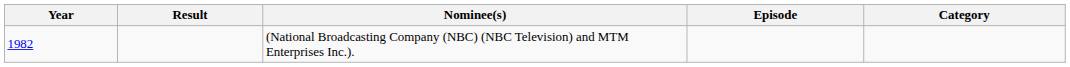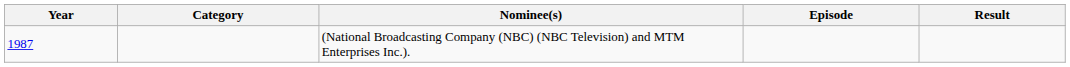 <table class="wikitable" style="font-size: 95%">
 <tr>
 <th>Year</th>
-<th>Result</th>
+<th>Category</th>
 <th style="width:40%;">Nominee(s)</th>
 <th>Episode</th>
-<th>Category</th>
+<th>Result</th>
 </tr>
 <tr>
-<td><a href='#'>1982</a></td>
+<td><a href='#'>1987</a></td>
 <td></td>
 <td>(National Broadcasting Company (NBC) (NBC Television) and MTM Enterprises Inc.).</td>
 <td></td>
 <td></td>
 </tr>
 </table>
